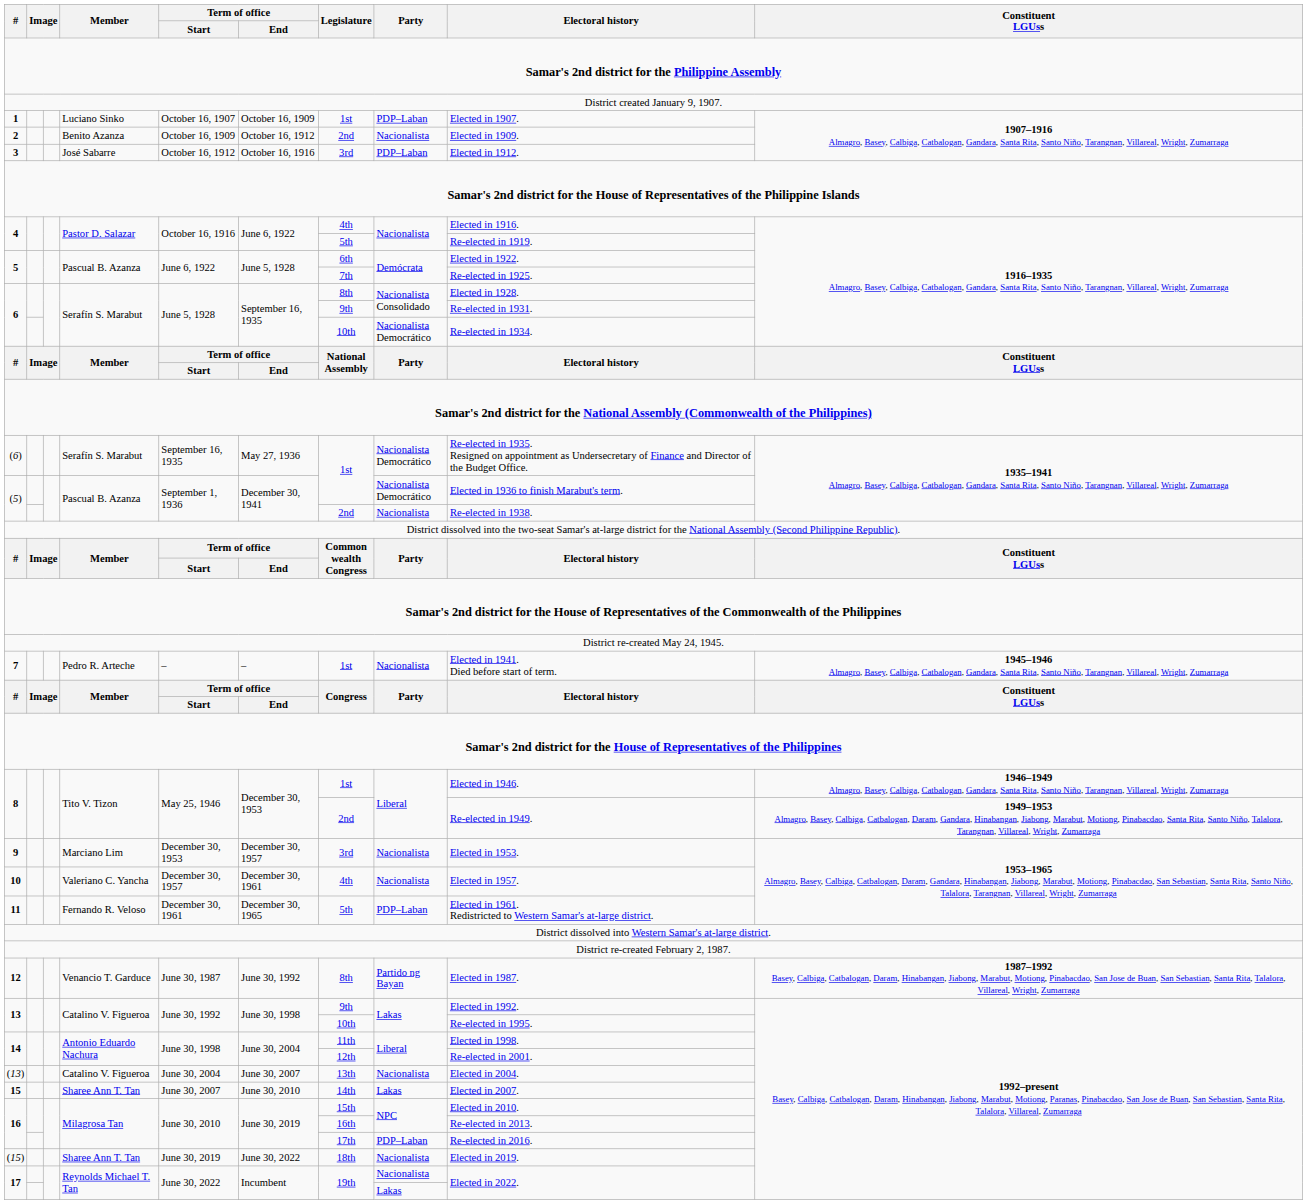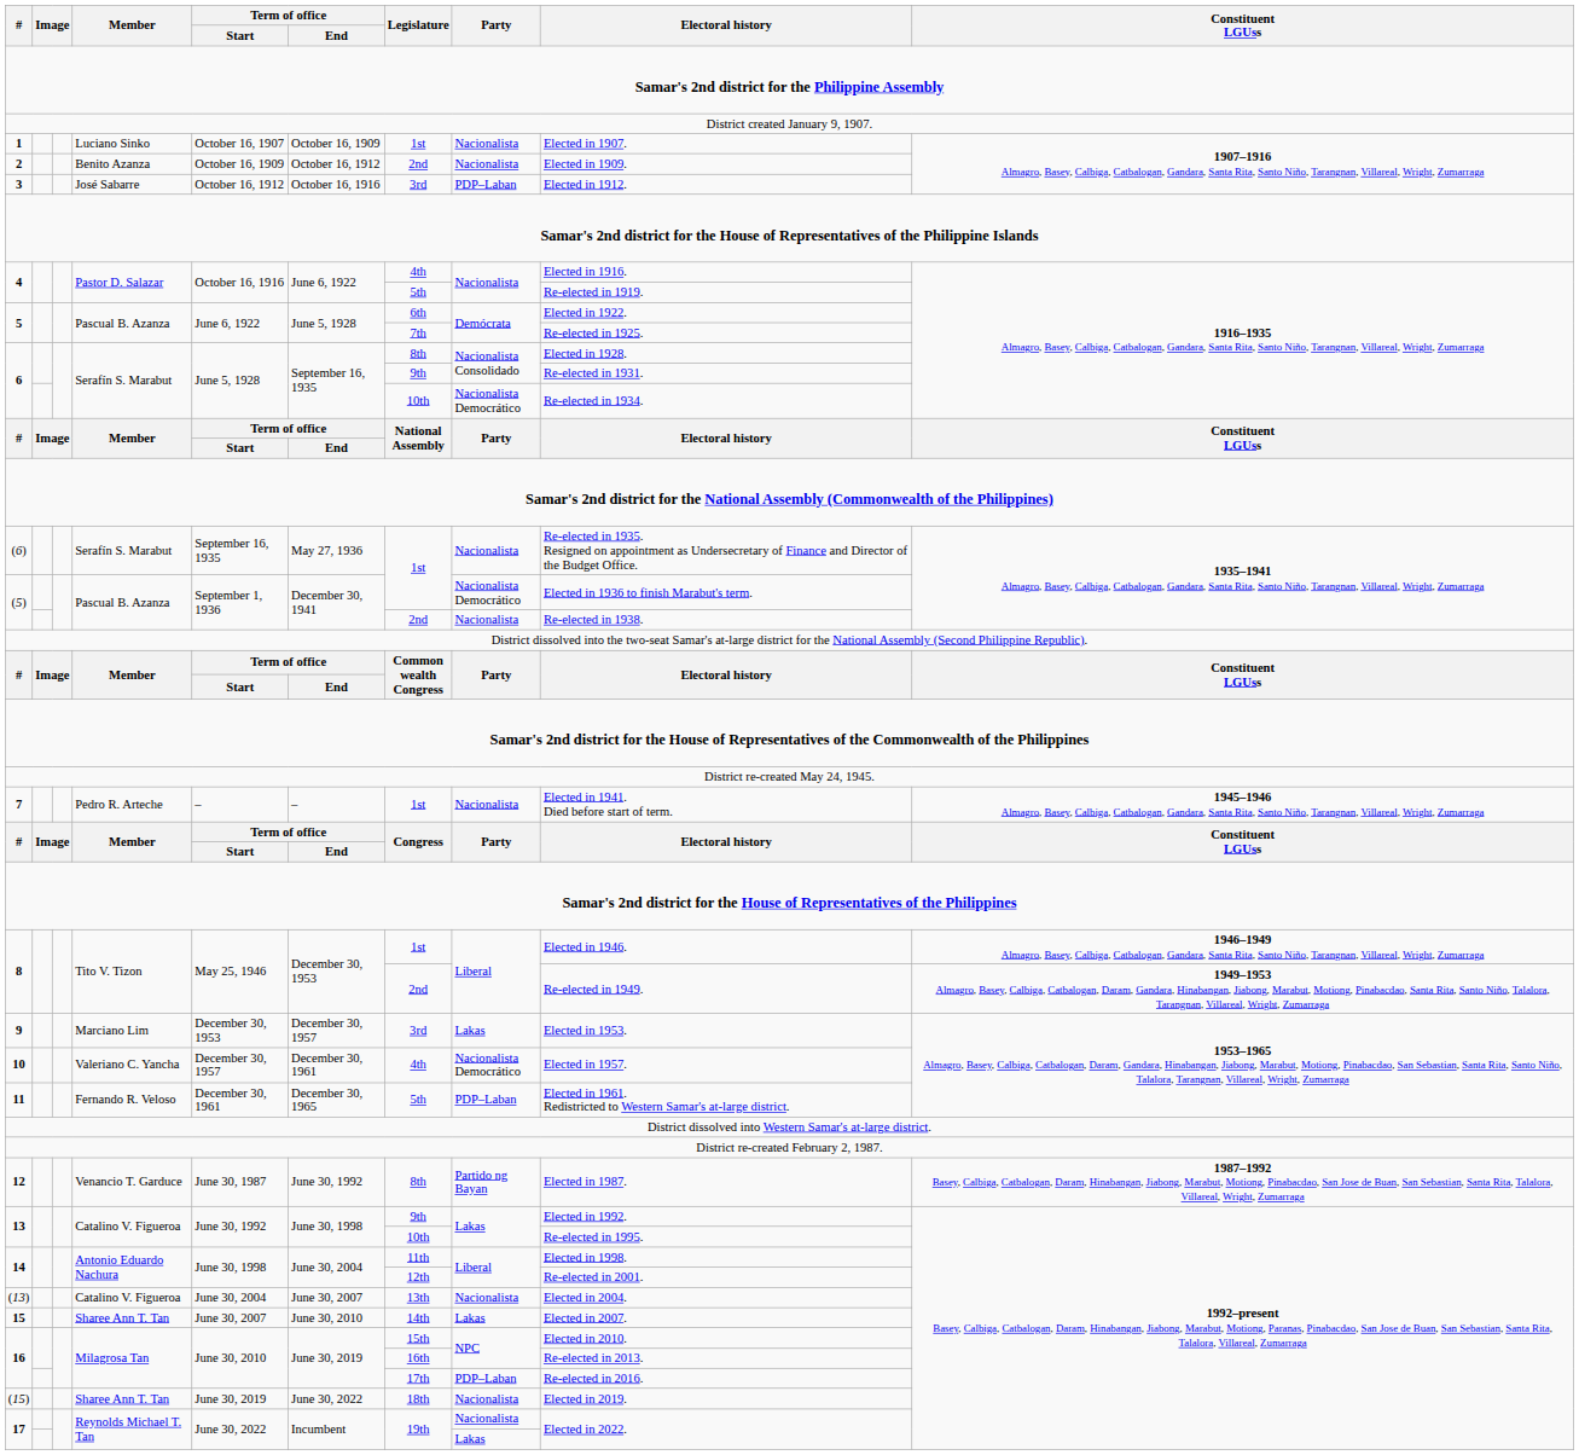 <table class=wikitable>
 <tr>
 <th rowspan="2">#</th>
 <th rowspan="2" colspan=2>Image</th>
 <th rowspan="2">Member</th>
 <th colspan=2>Term of office</th>
 <th rowspan="2">Legislature</th>
 <th rowspan="2">Party</th>
 <th rowspan="2">Electoral history</th>
 <th rowspan="2">Constituent<br><a href='#'>LGUs</a>s</th>
 </tr>
 <tr>
 <th>Start</th>
 <th>End</th>
 </tr>
 <tr>
 <td colspan="10" style="text-align:center;"><br><h3>Samar's 2nd district for the <a href='#'>Philippine Assembly</a></h3></td>
 </tr>
 <tr>
 <td colspan="10" style="text-align:center;">District created January 9, 1907.</td>
 </tr>
 <tr>
 <td style="text-align:center;"><strong>1</strong></td>
 <td style="color:inherit;background:"></td>
 <td></td>
 <td>Luciano Sinko</td>
 <td>October 16, 1907</td>
 <td>October 16, 1909</td>
 <td style="text-align:center;"><a href='#'>1st</a></td>
-<td><a href='#'>PDP–Laban</a></td>
+<td><a href='#'>Nacionalista</a></td>
 <td><a href='#'>Elected in 1907</a>.</td>
 <td rowspan="3" style="text-align:center;"><strong>1907–1916</strong><br><small><a href='#'>Almagro</a>, <a href='#'>Basey</a>, <a href='#'>Calbiga</a>, <a href='#'>Catbalogan</a>, <a href='#'>Gandara</a>, <a href='#'>Santa Rita</a>, <a href='#'>Santo Niño</a>, <a href='#'>Tarangnan</a>, <a href='#'>Villareal</a>, <a href='#'>Wright</a>, <a href='#'>Zumarraga</a></small></td>
 </tr>
 <tr>
 <td style="text-align:center;"><strong>2</strong></td>
 <td style="color:inherit;background:"></td>
 <td></td>
 <td>Benito Azanza</td>
 <td>October 16, 1909</td>
 <td>October 16, 1912</td>
 <td style="text-align:center;"><a href='#'>2nd</a></td>
 <td><a href='#'>Nacionalista</a></td>
 <td><a href='#'>Elected in 1909</a>.</td>
 </tr>
 <tr>
 <td style="text-align:center;"><strong>3</strong></td>
 <td style="color:inherit;background:"></td>
 <td></td>
 <td>José Sabarre</td>
 <td>October 16, 1912</td>
 <td>October 16, 1916</td>
 <td style="text-align:center;"><a href='#'>3rd</a></td>
 <td><a href='#'>PDP–Laban</a></td>
 <td><a href='#'>Elected in 1912</a>.</td>
 </tr>
 <tr>
 <td colspan="10" style="text-align:center;"><br><h3>Samar's 2nd district for the House of Representatives of the Philippine Islands</h3></td>
 </tr>
 <tr>
 <td rowspan="2" style="text-align:center;"><strong>4</strong></td>
 <td rowspan="2" style="color:inherit;background:"></td>
 <td rowspan="2"></td>
 <td rowspan="2"><a href='#'>Pastor D. Salazar</a></td>
 <td rowspan="2">October 16, 1916</td>
 <td rowspan="2">June 6, 1922</td>
 <td style="text-align:center;"><a href='#'>4th</a></td>
 <td rowspan="2"><a href='#'>Nacionalista</a></td>
 <td><a href='#'>Elected in 1916</a>.</td>
 <td rowspan="7" style="text-align:center;"><strong>1916–1935</strong><br><small><a href='#'>Almagro</a>, <a href='#'>Basey</a>, <a href='#'>Calbiga</a>, <a href='#'>Catbalogan</a>, <a href='#'>Gandara</a>, <a href='#'>Santa Rita</a>, <a href='#'>Santo Niño</a>, <a href='#'>Tarangnan</a>, <a href='#'>Villareal</a>, <a href='#'>Wright</a>, <a href='#'>Zumarraga</a></small></td>
 </tr>
 <tr>
 <td style="text-align:center;"><a href='#'>5th</a></td>
 <td><a href='#'>Re-elected in 1919</a>.</td>
 </tr>
 <tr>
 <td rowspan="2" style="text-align:center;"><strong>5</strong></td>
 <td rowspan="2" style="color:inherit;background:"></td>
 <td rowspan="2"></td>
 <td rowspan="2">Pascual B. Azanza</td>
 <td rowspan="2">June 6, 1922</td>
 <td rowspan="2">June 5, 1928</td>
 <td style="text-align:center;"><a href='#'>6th</a></td>
 <td rowspan="2"><a href='#'>Demócrata</a></td>
 <td><a href='#'>Elected in 1922</a>.</td>
 </tr>
 <tr>
 <td style="text-align:center;"><a href='#'>7th</a></td>
 <td><a href='#'>Re-elected in 1925</a>.</td>
 </tr>
 <tr>
 <td rowspan="3" style="text-align:center;"><strong>6</strong></td>
 <td rowspan="2" style="color:inherit;background:"></td>
 <td rowspan="3"></td>
 <td rowspan="3">Serafín S. Marabut</td>
 <td rowspan="3">June 5, 1928</td>
 <td rowspan="3">September 16, 1935</td>
 <td style="text-align:center;"><a href='#'>8th</a></td>
 <td rowspan="2"><a href='#'>Nacionalista</a><br>Consolidado</td>
 <td><a href='#'>Elected in 1928</a>.</td>
 </tr>
 <tr>
 <td style="text-align:center;"><a href='#'>9th</a></td>
 <td><a href='#'>Re-elected in 1931</a>.</td>
 </tr>
 <tr>
 <td style="color:inherit;background:"></td>
 <td style="text-align:center;"><a href='#'>10th</a></td>
 <td><a href='#'>Nacionalista</a><br>Democrático</td>
 <td><a href='#'>Re-elected in 1934</a>.</td>
 </tr>
 <tr>
 <th rowspan="2">#</th>
 <th rowspan="2" colspan=2>Image</th>
 <th rowspan="2">Member</th>
 <th colspan=2>Term of office</th>
 <th rowspan="2">National<br>Assembly</th>
 <th rowspan="2">Party</th>
 <th rowspan="2">Electoral history</th>
 <th rowspan="2">Constituent<br><a href='#'>LGUs</a>s</th>
 </tr>
 <tr>
 <th>Start</th>
 <th>End</th>
 </tr>
 <tr>
 <td colspan="10" style="text-align:center;"><br><h3>Samar's 2nd district for the <a href='#'>National Assembly (Commonwealth of the Philippines)</a></h3></td>
 </tr>
 <tr>
 <td style="text-align:center;">(<em>6</em>)</td>
 <td style="color:inherit;background:"></td>
 <td></td>
 <td>Serafín S. Marabut</td>
 <td>September 16, 1935</td>
 <td>May 27, 1936</td>
 <td rowspan="2" style="text-align:center;"><a href='#'>1st</a></td>
-<td><a href='#'>Nacionalista</a><br>Democrático</td>
+<td><a href='#'>Nacionalista</a></td>
 <td><a href='#'>Re-elected in 1935</a>.<br>Resigned on appointment as Undersecretary of <a href='#'>Finance</a> and Director of the Budget Office.</td>
 <td rowspan="3" style="text-align:center;"><strong>1935–1941</strong><br><small><a href='#'>Almagro</a>, <a href='#'>Basey</a>, <a href='#'>Calbiga</a>, <a href='#'>Catbalogan</a>, <a href='#'>Gandara</a>, <a href='#'>Santa Rita</a>, <a href='#'>Santo Niño</a>, <a href='#'>Tarangnan</a>, <a href='#'>Villareal</a>, <a href='#'>Wright</a>, <a href='#'>Zumarraga</a></small></td>
 </tr>
 <tr>
 <td rowspan="2" style="text-align:center;">(<em>5</em>)</td>
 <td style="color:inherit;background:"></td>
 <td rowspan="2"></td>
 <td rowspan="2">Pascual B. Azanza</td>
 <td rowspan="2">September 1, 1936</td>
 <td rowspan="2">December 30, 1941</td>
 <td><a href='#'>Nacionalista</a><br>Democrático</td>
 <td><a href='#'>Elected in 1936 to finish Marabut's term</a>.</td>
 </tr>
 <tr>
 <td style="color:inherit;background:"></td>
 <td style="text-align:center;"><a href='#'>2nd</a></td>
 <td><a href='#'>Nacionalista</a></td>
 <td><a href='#'>Re-elected in 1938</a>.</td>
 </tr>
 <tr>
 <td colspan="10" style="text-align:center;">District dissolved into the two-seat Samar's at-large district for the <a href='#'>National Assembly (Second Philippine Republic)</a>.</td>
 </tr>
 <tr>
 <th rowspan="2">#</th>
 <th rowspan="2" colspan=2>Image</th>
 <th rowspan="2">Member</th>
 <th colspan=2>Term of office</th>
 <th rowspan="2">Common<br>wealth<br>Congress</th>
 <th rowspan="2">Party</th>
 <th rowspan="2">Electoral history</th>
 <th rowspan="2">Constituent<br><a href='#'>LGUs</a>s</th>
 </tr>
 <tr>
 <th>Start</th>
 <th>End</th>
 </tr>
 <tr>
 <td colspan="10" style="text-align:center;"><br><h3>Samar's 2nd district for the House of Representatives of the Commonwealth of the Philippines</h3></td>
 </tr>
 <tr>
 <td colspan="10" style="text-align:center;">District re-created May 24, 1945.</td>
 </tr>
 <tr>
 <td style="text-align:center;"><strong>7</strong></td>
 <td style="color:inherit;background:"></td>
 <td></td>
 <td>Pedro R. Arteche</td>
 <td>–</td>
 <td>–</td>
 <td style="text-align:center;"><a href='#'>1st</a></td>
 <td><a href='#'>Nacionalista</a></td>
 <td><a href='#'>Elected in 1941</a>.<br>Died before start of term.</td>
 <td style="text-align:center;"><strong>1945–1946</strong><br><small><a href='#'>Almagro</a>, <a href='#'>Basey</a>, <a href='#'>Calbiga</a>, <a href='#'>Catbalogan</a>, <a href='#'>Gandara</a>, <a href='#'>Santa Rita</a>, <a href='#'>Santo Niño</a>, <a href='#'>Tarangnan</a>, <a href='#'>Villareal</a>, <a href='#'>Wright</a>, <a href='#'>Zumarraga</a></small></td>
 </tr>
 <tr>
 <th rowspan="2">#</th>
 <th rowspan="2" colspan=2>Image</th>
 <th rowspan="2">Member</th>
 <th colspan=2>Term of office</th>
 <th rowspan="2">Congress</th>
 <th rowspan="2">Party</th>
 <th rowspan="2">Electoral history</th>
 <th rowspan="2">Constituent<br><a href='#'>LGUs</a>s</th>
 </tr>
 <tr>
 <th>Start</th>
 <th>End</th>
 </tr>
 <tr>
 <td colspan="10" style="text-align:center;"><br><h3>Samar's 2nd district for the <a href='#'>House of Representatives of the Philippines</a></h3></td>
 </tr>
 <tr>
 <td rowspan="2" style="text-align:center;"><strong>8</strong></td>
 <td rowspan="2" style="color:inherit;background:"></td>
 <td rowspan="2"></td>
 <td rowspan="2">Tito V. Tizon</td>
 <td rowspan="2">May 25, 1946</td>
 <td rowspan="2">December 30, 1953</td>
 <td style="text-align:center;"><a href='#'>1st</a></td>
 <td rowspan="2"><a href='#'>Liberal</a></td>
 <td><a href='#'>Elected in 1946</a>.</td>
 <td style="text-align:center;"><strong>1946–1949</strong><br><small><a href='#'>Almagro</a>, <a href='#'>Basey</a>, <a href='#'>Calbiga</a>, <a href='#'>Catbalogan</a>, <a href='#'>Gandara</a>, <a href='#'>Santa Rita</a>, <a href='#'>Santo Niño</a>, <a href='#'>Tarangnan</a>, <a href='#'>Villareal</a>, <a href='#'>Wright</a>, <a href='#'>Zumarraga</a></small></td>
 </tr>
 <tr>
 <td style="text-align:center;"><a href='#'>2nd</a></td>
 <td><a href='#'>Re-elected in 1949</a>.</td>
 <td style="text-align:center;"><strong>1949–1953</strong><br><small><a href='#'>Almagro</a>, <a href='#'>Basey</a>, <a href='#'>Calbiga</a>, <a href='#'>Catbalogan</a>, <a href='#'>Daram</a>, <a href='#'>Gandara</a>, <a href='#'>Hinabangan</a>, <a href='#'>Jiabong</a>, <a href='#'>Marabut</a>, <a href='#'>Motiong</a>, <a href='#'>Pinabacdao</a>, <a href='#'>Santa Rita</a>, <a href='#'>Santo Niño</a>, <a href='#'>Talalora</a>, <a href='#'>Tarangnan</a>, <a href='#'>Villareal</a>, <a href='#'>Wright</a>, <a href='#'>Zumarraga</a></small></td>
 </tr>
 <tr>
 <td style="text-align:center;"><strong>9</strong></td>
 <td style="color:inherit;background:"></td>
 <td></td>
 <td>Marciano Lim</td>
 <td>December 30, 1953</td>
 <td>December 30, 1957</td>
 <td style="text-align:center;"><a href='#'>3rd</a></td>
-<td><a href='#'>Nacionalista</a></td>
+<td><a href='#'>Lakas</a></td>
 <td><a href='#'>Elected in 1953</a>.</td>
 <td rowspan="3" style="text-align:center;"><strong>1953–1965</strong><br><small><a href='#'>Almagro</a>, <a href='#'>Basey</a>, <a href='#'>Calbiga</a>, <a href='#'>Catbalogan</a>, <a href='#'>Daram</a>, <a href='#'>Gandara</a>, <a href='#'>Hinabangan</a>, <a href='#'>Jiabong</a>, <a href='#'>Marabut</a>, <a href='#'>Motiong</a>, <a href='#'>Pinabacdao</a>, <a href='#'>San Sebastian</a>, <a href='#'>Santa Rita</a>, <a href='#'>Santo Niño</a>, <a href='#'>Talalora</a>, <a href='#'>Tarangnan</a>, <a href='#'>Villareal</a>, <a href='#'>Wright</a>, <a href='#'>Zumarraga</a></small></td>
 </tr>
 <tr>
 <td style="text-align:center;"><strong>10</strong></td>
 <td style="color:inherit;background:"></td>
 <td></td>
 <td>Valeriano C. Yancha</td>
 <td>December 30, 1957</td>
 <td>December 30, 1961</td>
 <td style="text-align:center;"><a href='#'>4th</a></td>
-<td><a href='#'>Nacionalista</a></td>
+<td><a href='#'>Nacionalista</a><br>Democrático</td>
 <td><a href='#'>Elected in 1957</a>.</td>
 </tr>
 <tr>
 <td style="text-align:center;"><strong>11</strong></td>
 <td style="color:inherit;background:"></td>
 <td></td>
 <td>Fernando R. Veloso</td>
 <td>December 30, 1961</td>
 <td>December 30, 1965</td>
 <td style="text-align:center;"><a href='#'>5th</a></td>
 <td><a href='#'>PDP–Laban</a></td>
 <td><a href='#'>Elected in 1961</a>.<br>Redistricted to <a href='#'>Western Samar's at-large district</a>.</td>
 </tr>
 <tr>
 <td colspan="10" style="text-align:center;">District dissolved into <a href='#'>Western Samar's at-large district</a>.</td>
 </tr>
 <tr>
 <td colspan="10" style="text-align:center;">District re-created February 2, 1987.</td>
 </tr>
 <tr>
 <td style="text-align:center;"><strong>12</strong></td>
 <td style="color:inherit;background:"></td>
 <td></td>
 <td>Venancio T. Garduce</td>
 <td>June 30, 1987</td>
 <td>June 30, 1992</td>
 <td style="text-align:center;"><a href='#'>8th</a></td>
 <td><a href='#'>Partido ng Bayan</a></td>
 <td><a href='#'>Elected in 1987</a>.</td>
 <td style="text-align:center;"><strong>1987–1992</strong><br><small><a href='#'>Basey</a>, <a href='#'>Calbiga</a>, <a href='#'>Catbalogan</a>, <a href='#'>Daram</a>, <a href='#'>Hinabangan</a>, <a href='#'>Jiabong</a>, <a href='#'>Marabut</a>, <a href='#'>Motiong</a>, <a href='#'>Pinabacdao</a>, <a href='#'>San Jose de Buan</a>, <a href='#'>San Sebastian</a>, <a href='#'>Santa Rita</a>, <a href='#'>Talalora</a>, <a href='#'>Villareal</a>, <a href='#'>Wright</a>, <a href='#'>Zumarraga</a></small></td>
 </tr>
 <tr>
 <td rowspan="2" style="text-align:center;"><strong>13</strong></td>
 <td rowspan="2" style="color:inherit;background:"></td>
 <td rowspan="2"></td>
 <td rowspan="2">Catalino V. Figueroa</td>
 <td rowspan="2">June 30, 1992</td>
 <td rowspan="2">June 30, 1998</td>
 <td style="text-align:center;"><a href='#'>9th</a></td>
 <td rowspan="2"><a href='#'>Lakas</a></td>
 <td><a href='#'>Elected in 1992</a>.</td>
 <td rowspan="12" style="text-align:center;"><strong>1992–present</strong><br><small><a href='#'>Basey</a>, <a href='#'>Calbiga</a>, <a href='#'>Catbalogan</a>, <a href='#'>Daram</a>, <a href='#'>Hinabangan</a>, <a href='#'>Jiabong</a>, <a href='#'>Marabut</a>, <a href='#'>Motiong</a>, <a href='#'>Paranas</a>, <a href='#'>Pinabacdao</a>, <a href='#'>San Jose de Buan</a>, <a href='#'>San Sebastian</a>, <a href='#'>Santa Rita</a>, <a href='#'>Talalora</a>, <a href='#'>Villareal</a>, <a href='#'>Zumarraga</a></small></td>
 </tr>
 <tr>
 <td style="text-align:center;"><a href='#'>10th</a></td>
 <td><a href='#'>Re-elected in 1995</a>.</td>
 </tr>
 <tr>
 <td rowspan="2" style="text-align:center;"><strong>14</strong></td>
 <td rowspan="2" style="color:inherit;background:"></td>
 <td rowspan="2"></td>
 <td rowspan="2"><a href='#'>Antonio Eduardo Nachura</a></td>
 <td rowspan="2">June 30, 1998</td>
 <td rowspan="2">June 30, 2004</td>
 <td style="text-align:center;"><a href='#'>11th</a></td>
 <td rowspan="2"><a href='#'>Liberal</a></td>
 <td><a href='#'>Elected in 1998</a>.</td>
 </tr>
 <tr>
 <td style="text-align:center;"><a href='#'>12th</a></td>
 <td><a href='#'>Re-elected in 2001</a>.</td>
 </tr>
 <tr>
 <td style="text-align:center;">(<em>13</em>)</td>
 <td style="color:inherit;background:"></td>
 <td></td>
 <td>Catalino V. Figueroa</td>
 <td>June 30, 2004</td>
 <td>June 30, 2007</td>
 <td style="text-align:center;"><a href='#'>13th</a></td>
 <td><a href='#'>Nacionalista</a></td>
 <td><a href='#'>Elected in 2004</a>.</td>
 </tr>
 <tr>
 <td style="text-align:center;"><strong>15</strong></td>
 <td style="color:inherit;background:"></td>
 <td></td>
 <td><a href='#'>Sharee Ann T. Tan</a></td>
 <td>June 30, 2007</td>
 <td>June 30, 2010</td>
 <td style="text-align:center;"><a href='#'>14th</a></td>
 <td><a href='#'>Lakas</a></td>
 <td><a href='#'>Elected in 2007</a>.</td>
 </tr>
 <tr>
 <td rowspan="3" style="text-align:center;"><strong>16</strong></td>
 <td rowspan="2" style="color:inherit;background:"></td>
 <td rowspan="3"></td>
 <td rowspan="3"><a href='#'>Milagrosa Tan</a></td>
 <td rowspan="3">June 30, 2010</td>
 <td rowspan="3">June 30, 2019</td>
 <td style="text-align:center;"><a href='#'>15th</a></td>
 <td rowspan="2"><a href='#'>NPC</a></td>
 <td><a href='#'>Elected in 2010</a>.</td>
 </tr>
 <tr>
 <td style="text-align:center;"><a href='#'>16th</a></td>
 <td><a href='#'>Re-elected in 2013</a>.</td>
 </tr>
 <tr>
 <td style="color:inherit;background:"></td>
 <td style="text-align:center;"><a href='#'>17th</a></td>
 <td><a href='#'>PDP–Laban</a></td>
 <td><a href='#'>Re-elected in 2016</a>.</td>
 </tr>
 <tr>
 <td style="text-align:center;">(<em>15</em>)</td>
 <td style="color:inherit;background:"></td>
 <td></td>
 <td><a href='#'>Sharee Ann T. Tan</a></td>
 <td>June 30, 2019</td>
 <td>June 30, 2022</td>
 <td style="text-align:center;"><a href='#'>18th</a></td>
 <td><a href='#'>Nacionalista</a></td>
 <td><a href='#'>Elected in 2019</a>.</td>
 </tr>
 <tr>
 <td style="text-align:center;" rowspan="2"><strong>17</strong></td>
 <td style="color:inherit;background:"></td>
 <td rowspan="2"></td>
 <td rowspan="2"><a href='#'>Reynolds Michael T. Tan</a></td>
 <td rowspan="2">June 30, 2022</td>
 <td rowspan="2">Incumbent</td>
 <td style="text-align:center;" rowspan="2"><a href='#'>19th</a></td>
 <td><a href='#'>Nacionalista</a></td>
 <td rowspan="2"><a href='#'>Elected in 2022</a>.</td>
 </tr>
 <tr>
 <td style="color:inherit;background:"></td>
 <td><a href='#'>Lakas</a></td>
 </tr>
 </table>
